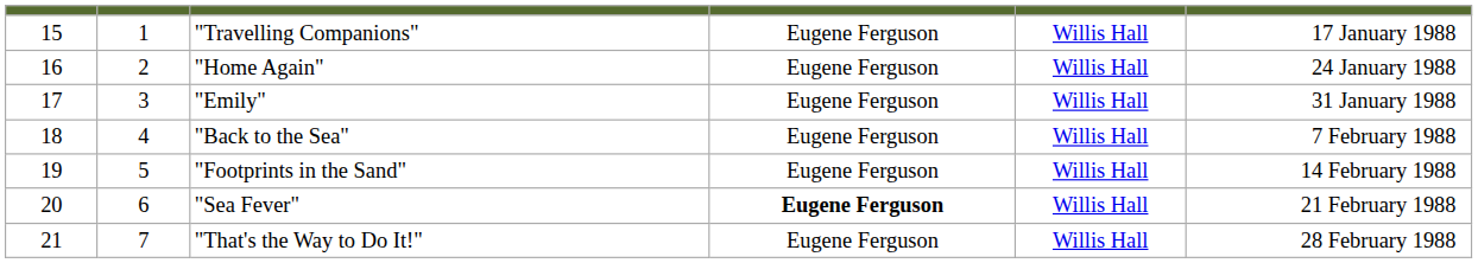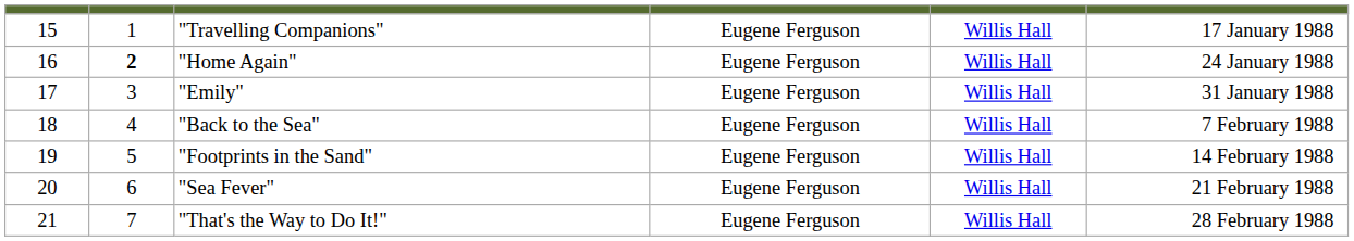 <table class="wikitable" style="width:85%; background:white">
 <tr>
 <td bgcolor=556B2F align=center></td>
 <td bgcolor=556B2F align=center></td>
 <td bgcolor=556B2F align=center></td>
 <td bgcolor=556B2F align=center></td>
 <td bgcolor=556B2F align=center></td>
 <td bgcolor=556B2F align=center></td>
 </tr>
 <tr>
 <td width=40px align=center>15</td>
 <td width=40px align=center>1</td>
 <td width=260px align=left>"Travelling Companions"</td>
 <td width=150px align=center>Eugene Ferguson</td>
 <td width=80px align=center><a href='#'>Willis Hall</a></td>
 <td width=140px align=right>17 January 1988  </td>
 </tr>
 <tr>
 <td align=center>16</td>
-<td align=center>2</td>
+<td align=center><strong>2</strong></td>
 <td align=left>"Home Again"</td>
 <td align=center>Eugene Ferguson</td>
 <td align=center><a href='#'>Willis Hall</a></td>
 <td align=right>24 January 1988  </td>
 </tr>
 <tr>
 <td align=center>17</td>
 <td align=center>3</td>
 <td align=left>"Emily"</td>
 <td align=center>Eugene Ferguson</td>
 <td align=center><a href='#'>Willis Hall</a></td>
 <td align=right>31 January 1988  </td>
 </tr>
 <tr>
 <td align=center>18</td>
 <td align=center>4</td>
 <td align=left>"Back to the Sea"</td>
 <td align=center>Eugene Ferguson</td>
 <td align=center><a href='#'>Willis Hall</a></td>
 <td align=right>7 February 1988  </td>
 </tr>
 <tr>
 <td align=center>19</td>
 <td align=center>5</td>
 <td align=left>"Footprints in the Sand"</td>
 <td align=center>Eugene Ferguson</td>
 <td align=center><a href='#'>Willis Hall</a></td>
 <td align=right>14 February 1988  </td>
 </tr>
 <tr>
 <td align=center>20</td>
 <td align=center>6</td>
 <td align=left>"Sea Fever"</td>
-<td align=center><strong>Eugene Ferguson</strong></td>
+<td align=center>Eugene Ferguson</td>
 <td align=center><a href='#'>Willis Hall</a></td>
 <td align=right>21 February 1988  </td>
 </tr>
 <tr>
 <td align=center>21</td>
 <td align=center>7</td>
 <td align=left>"That's the Way to Do It!"</td>
 <td align=center>Eugene Ferguson</td>
 <td align=center><a href='#'>Willis Hall</a></td>
 <td align=right>28 February 1988  </td>
 </tr>
 </table>
